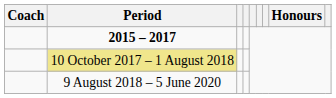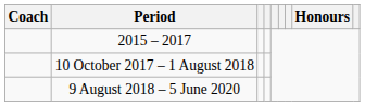 <table class="wikitable plainrowheaders" style="font-size:95%;">
 <tr>
 <th scope=col>Coach</th>
 <th scope=col data-sort-type=date>Period</th>
 <th scope=col></th>
 <th scope=col></th>
 <th scope=col></th>
 <th scope=col></th>
 <th scope=col></th>
 <th scope=col>Honours</th>
 <th scope=col></th>
 </tr>
 <tr>
 <td align=left> </td>
-<td align=center><strong>2015 – 2017<br></strong></td>
+<td align=center>2015 – 2017<br></td>
 <td></td>
 <td></td>
 </tr>
 <tr>
 <td align=left> </td>
-<td align=center style="background: khaki;">10 October 2017 – 1 August 2018<br></td>
+<td align=center>10 October 2017 – 1 August 2018<br></td>
 <td></td>
 <td></td>
 </tr>
 <tr>
 <td align=left> </td>
 <td align=center>9 August 2018 – 5 June 2020<br></td>
 <td></td>
 <td></td>
 </tr>
 </table>
